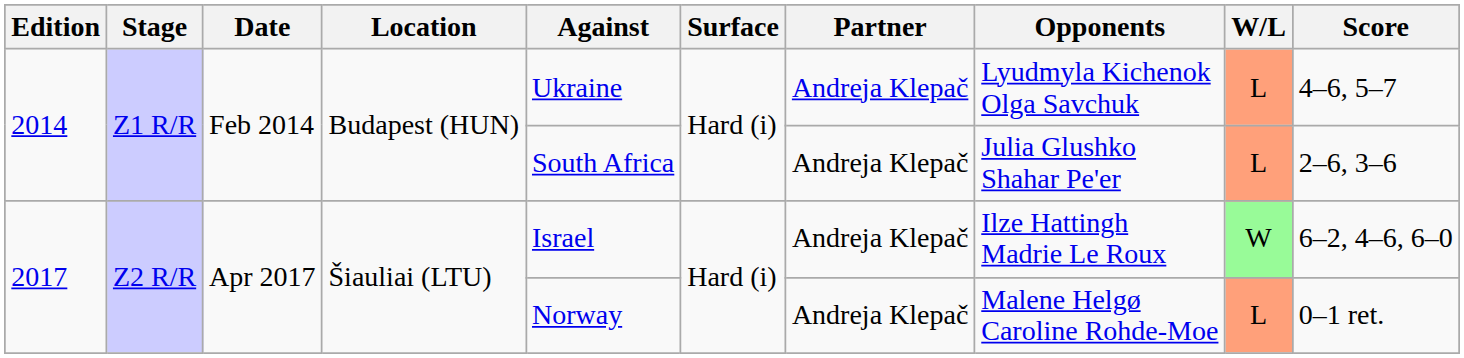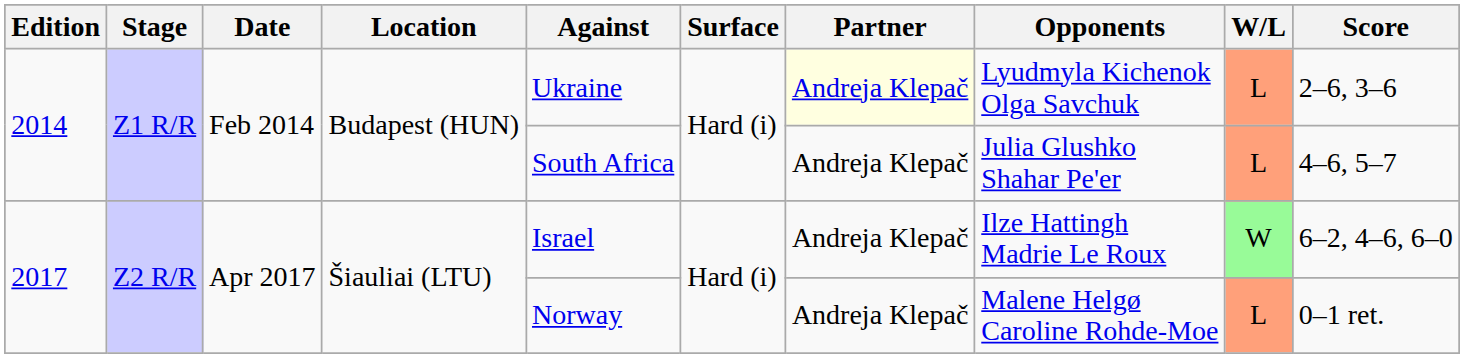 <table class=wikitable>
 <tr>
 <th>Edition</th>
 <th>Stage</th>
 <th>Date</th>
 <th>Location</th>
 <th>Against</th>
 <th>Surface</th>
 <th>Partner</th>
 <th>Opponents</th>
 <th>W/L</th>
 <th>Score</th>
 </tr>
 <tr>
 <td rowspan="2"><a href='#'>2014</a></td>
 <td style="background:#ccf;" rowspan="2"><a href='#'>Z1 R/R</a></td>
 <td rowspan="2">Feb 2014</td>
 <td rowspan="2">Budapest (HUN)</td>
 <td> <a href='#'>Ukraine</a></td>
 <td rowspan="2">Hard (i)</td>
-<td><a href='#'>Andreja Klepač</a></td>
+<td style="background: lightyellow;"><a href='#'>Andreja Klepač</a></td>
 <td><a href='#'>Lyudmyla Kichenok</a> <br> <a href='#'>Olga Savchuk</a></td>
 <td style="text-align:center; background:#ffa07a;">L</td>
-<td>4–6, 5–7</td>
+<td>2–6, 3–6</td>
 </tr>
 <tr>
 <td> <a href='#'>South Africa</a></td>
 <td>Andreja Klepač</td>
 <td><a href='#'>Julia Glushko</a> <br> <a href='#'>Shahar Pe'er</a></td>
 <td style="text-align:center; background:#ffa07a;">L</td>
-<td>2–6, 3–6</td>
+<td>4–6, 5–7</td>
 </tr>
 <tr>
 <td rowspan="2"><a href='#'>2017</a></td>
 <td style="background:#ccf;" rowspan="2"><a href='#'>Z2 R/R</a></td>
 <td rowspan="2">Apr 2017</td>
 <td rowspan="2">Šiauliai (LTU)</td>
 <td> <a href='#'>Israel</a></td>
 <td rowspan="2">Hard (i)</td>
 <td>Andreja Klepač</td>
 <td><a href='#'>Ilze Hattingh</a> <br> <a href='#'>Madrie Le Roux</a></td>
 <td style="text-align:center; background:#98fb98;">W</td>
 <td>6–2, 4–6, 6–0</td>
 </tr>
 <tr>
 <td> <a href='#'>Norway</a></td>
 <td>Andreja Klepač</td>
 <td><a href='#'>Malene Helgø</a> <br> <a href='#'>Caroline Rohde-Moe</a></td>
 <td style="text-align:center; background:#ffa07a;">L</td>
 <td>0–1 ret.</td>
 </tr>
 </table>
